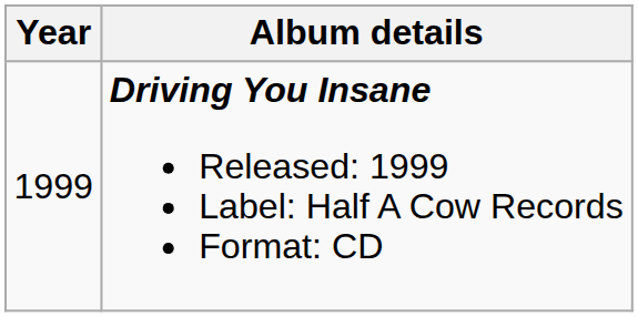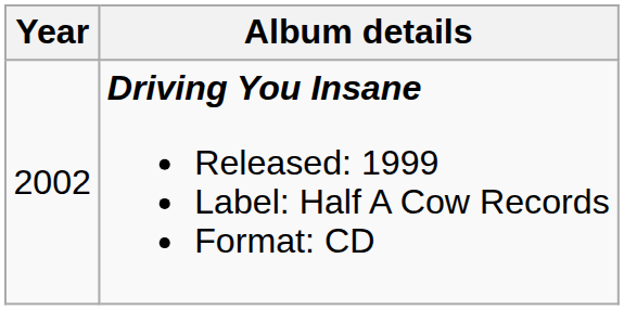 <table class="wikitable">
 <tr>
 <th>Year</th>
 <th>Album details</th>
 </tr>
 <tr>
-<td>1999</td>
+<td>2002</td>
 <td><strong><em>Driving You Insane</em></strong><br><ul><li>Released: 1999</li><li>Label: Half A Cow Records </li><li>Format: CD</li></ul></td>
 </tr>
 </table>
